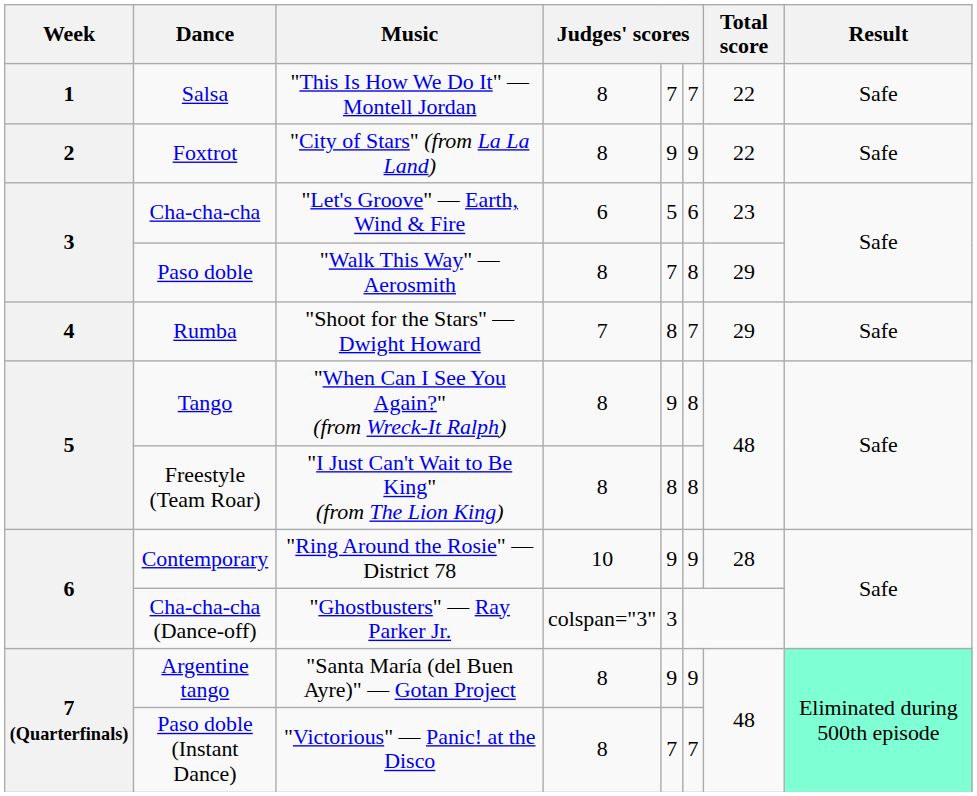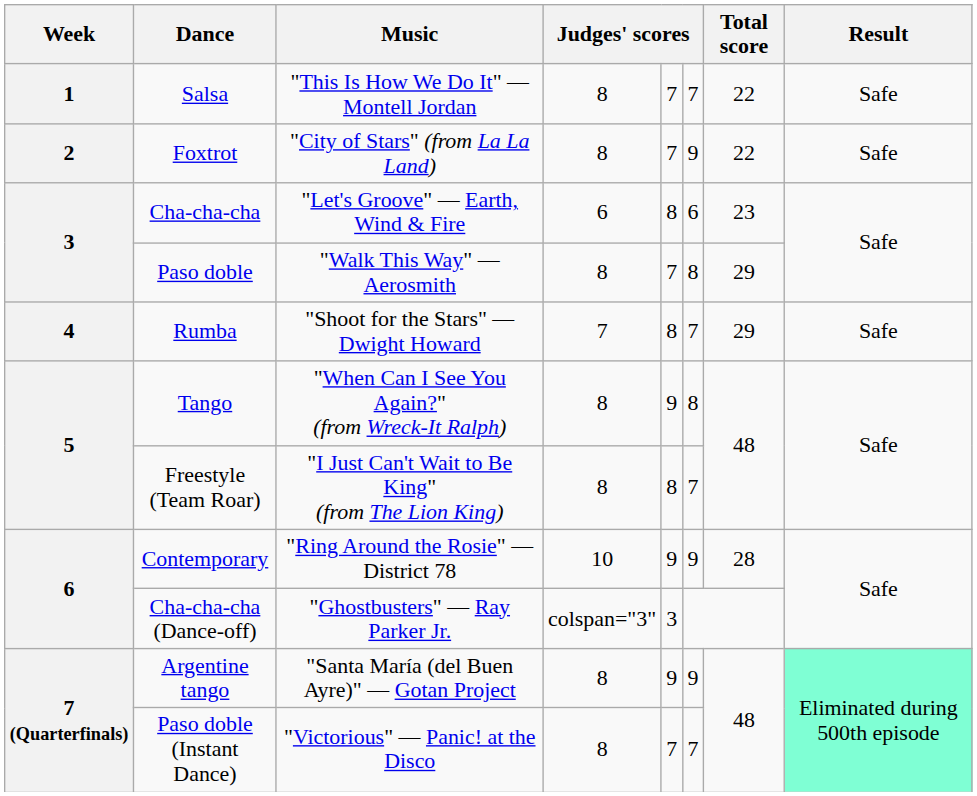 <table class="wikitable unsortable" style="text-align:center; width:80%">
 <tr>
 <th scope="col">Week</th>
 <th scope="col">Dance</th>
 <th scope="col">Music</th>
 <th scope="col" colspan="3">Judges' scores</th>
 <th scope="col">Total score</th>
 <th scope="col">Result</th>
 </tr>
 <tr>
 <th scope="row">1</th>
 <td><a href='#'>Salsa</a></td>
 <td>"<a href='#'>This Is How We Do It</a>" — <a href='#'>Montell Jordan</a></td>
 <td>8</td>
 <td>7</td>
 <td>7</td>
 <td>22</td>
 <td>Safe</td>
 </tr>
 <tr>
 <th scope="row">2</th>
 <td><a href='#'>Foxtrot</a></td>
 <td>"<a href='#'>City of Stars</a>" <em>(from <a href='#'>La La Land</a>)</em></td>
 <td>8</td>
-<td>9</td>
+<td>7</td>
 <td>9</td>
 <td>22</td>
 <td>Safe</td>
 </tr>
 <tr>
 <th rowspan="2" scope="row">3</th>
 <td><a href='#'>Cha-cha-cha</a></td>
 <td>"<a href='#'>Let's Groove</a>" — <a href='#'>Earth, Wind & Fire</a></td>
 <td>6</td>
-<td>5</td>
+<td>8</td>
 <td>6</td>
 <td>23</td>
 <td rowspan="2">Safe</td>
 </tr>
 <tr>
 <td><a href='#'>Paso doble</a></td>
 <td>"<a href='#'>Walk This Way</a>" — <a href='#'>Aerosmith</a></td>
 <td>8</td>
 <td>7</td>
 <td>8</td>
 <td>29</td>
 </tr>
 <tr>
 <th scope="row">4</th>
 <td><a href='#'>Rumba</a></td>
 <td>"Shoot for the Stars" — <a href='#'>Dwight Howard</a></td>
 <td>7</td>
 <td>8</td>
 <td>7</td>
 <td>29</td>
 <td>Safe</td>
 </tr>
 <tr>
 <th rowspan="2" scope="row">5</th>
 <td><a href='#'>Tango</a></td>
 <td>"<a href='#'>When Can I See You Again?</a>"<br><em>(from <a href='#'>Wreck-It Ralph</a>)</em></td>
 <td>8</td>
 <td>9</td>
 <td>8</td>
 <td rowspan="2">48</td>
 <td rowspan="2">Safe</td>
 </tr>
 <tr>
 <td>Freestyle<br>(Team Roar)</td>
 <td>"<a href='#'>I Just Can't Wait to Be King</a>"<br><em>(from <a href='#'>The Lion King</a>)</td>
 <td>8</td>
 <td>8</td>
-<td>8</td>
+<td>7</td>
 </tr>
 <tr>
 <th rowspan="2" scope="row">6</th>
 <td><a href='#'>Contemporary</a></td>
 <td>"<a href='#'>Ring Around the Rosie</a>" — District 78</td>
 <td>10</td>
 <td>9</td>
 <td>9</td>
 <td>28</td>
 <td rowspan="2">Safe</td>
 </tr>
 <tr>
 <td><a href='#'>Cha-cha-cha</a><br>(Dance-off)</td>
 <td>"<a href='#'>Ghostbusters</a>" — <a href='#'>Ray Parker Jr.</a></td>
 <td>colspan="3" </td>
 <td>3</td>
 </tr>
 <tr>
 <th rowspan="2" scope="row">7<br><small>(Quarterfinals)</small></th>
 <td><a href='#'>Argentine tango</a></td>
 <td>"Santa María (del Buen Ayre)" — <a href='#'>Gotan Project</a></td>
 <td>8</td>
 <td>9</td>
 <td>9</td>
 <td rowspan="2">48</td>
 <td rowspan="2" bgcolor="aquamarine">Eliminated during 500th episode</td>
 </tr>
 <tr>
 <td><a href='#'>Paso doble</a><br>(Instant Dance)</td>
 <td>"<a href='#'>Victorious</a>" — <a href='#'>Panic! at the Disco</a></td>
 <td>8</td>
 <td>7</td>
 <td>7</td>
 </tr>
 </table>
